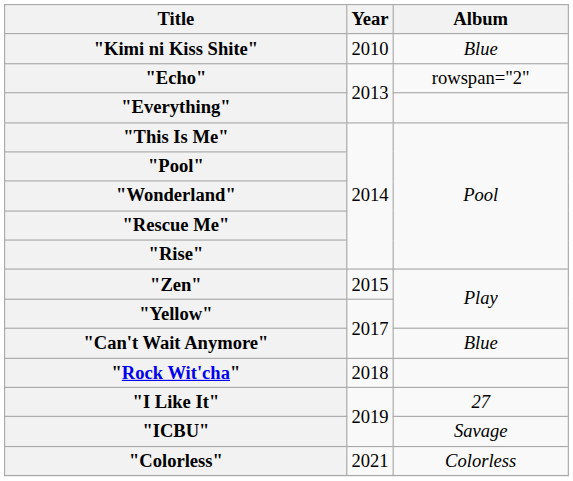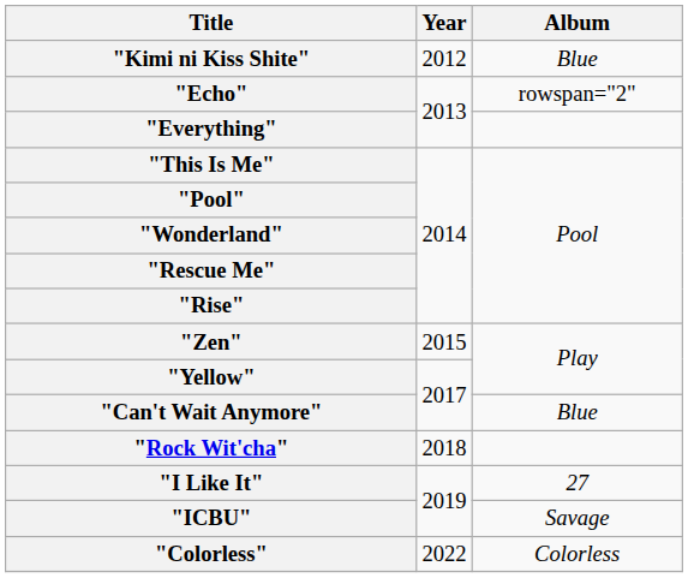 <table class="wikitable plainrowheaders" style="text-align:center;">
 <tr>
 <th scope="col" style="width:18em;">Title</th>
 <th scope="col">Year</th>
 <th scope="col" style="width:9em;">Album</th>
 </tr>
 <tr>
 <th scope="row">"Kimi ni Kiss Shite"</th>
-<td>2010</td>
+<td>2012</td>
 <td><em>Blue</em></td>
 </tr>
 <tr>
 <th scope="row">"Echo"</th>
 <td rowspan="2">2013</td>
 <td>rowspan="2" </td>
 </tr>
 <tr>
 <th scope="row">"Everything"</th>
 </tr>
 <tr>
 <th scope="row">"This Is Me"</th>
 <td rowspan="5">2014</td>
 <td rowspan="5"><em>Pool</em></td>
 </tr>
 <tr>
 <th scope="row">"Pool"</th>
 </tr>
 <tr>
 <th scope="row">"Wonderland"</th>
 </tr>
 <tr>
 <th scope="row">"Rescue Me"</th>
 </tr>
 <tr>
 <th scope="row">"Rise"</th>
 </tr>
 <tr>
 <th scope="row">"Zen"</th>
 <td>2015</td>
 <td rowspan="2"><em>Play</em></td>
 </tr>
 <tr>
 <th scope="row">"Yellow"</th>
 <td rowspan="2">2017</td>
 </tr>
 <tr>
 <th scope="row">"Can't Wait Anymore"</th>
 <td><em>Blue</em></td>
 </tr>
 <tr>
 <th scope="row">"<a href='#'>Rock Wit'cha</a>"</th>
 <td>2018</td>
 <td></td>
 </tr>
 <tr>
 <th scope="row">"I Like It"</th>
 <td rowspan="2">2019</td>
 <td><em>27</em></td>
 </tr>
 <tr>
 <th scope="row">"ICBU"</th>
 <td><em>Savage</em></td>
 </tr>
 <tr>
 <th scope="row">"Colorless"</th>
-<td>2021</td>
+<td>2022</td>
 <td><em>Colorless</em></td>
 </tr>
 <tr>
 </tr>
 </table>
